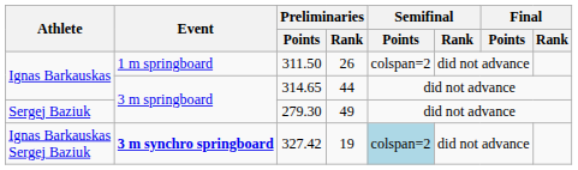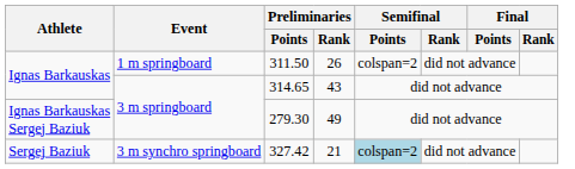 <table class=wikitable style="font-size:90%;">
 <tr>
 <th rowspan="2">Athlete</th>
 <th rowspan="2">Event</th>
 <th colspan="2">Preliminaries</th>
 <th colspan="2">Semifinal</th>
 <th colspan="2">Final</th>
 </tr>
 <tr style="font-size:95%">
 <th>Points</th>
 <th>Rank</th>
 <th>Points</th>
 <th>Rank</th>
 <th>Points</th>
 <th>Rank</th>
 </tr>
 <tr align=center>
 <td align=left rowspan=2><a href='#'>Ignas Barkauskas</a></td>
 <td align=left><a href='#'>1 m springboard</a></td>
 <td>311.50</td>
 <td>26</td>
 <td>colspan=2 </td>
 <td colspan=2>did not advance</td>
 </tr>
 <tr align=center>
 <td align=left rowspan=2><a href='#'>3 m springboard</a></td>
 <td>314.65</td>
-<td>44</td>
+<td>43</td>
 <td colspan=4>did not advance</td>
 </tr>
 <tr align=center>
-<td align=left><a href='#'>Sergej Baziuk</a></td>
+<td align=left><a href='#'>Ignas Barkauskas</a><br><a href='#'>Sergej Baziuk</a></td>
 <td>279.30</td>
 <td>49</td>
 <td colspan=4>did not advance</td>
 </tr>
 <tr align=center>
-<td align=left><a href='#'>Ignas Barkauskas</a><br><a href='#'>Sergej Baziuk</a></td>
-<td align=left><strong><a href='#'>3 m synchro springboard</a></strong></td>
+<td align=left><a href='#'>Sergej Baziuk</a></td>
+<td align=left><a href='#'>3 m synchro springboard</a></td>
 <td>327.42</td>
-<td>19</td>
+<td>21</td>
 <td style="background: lightblue;">colspan=2 </td>
 <td colspan=2>did not advance</td>
 </tr>
 </table>
